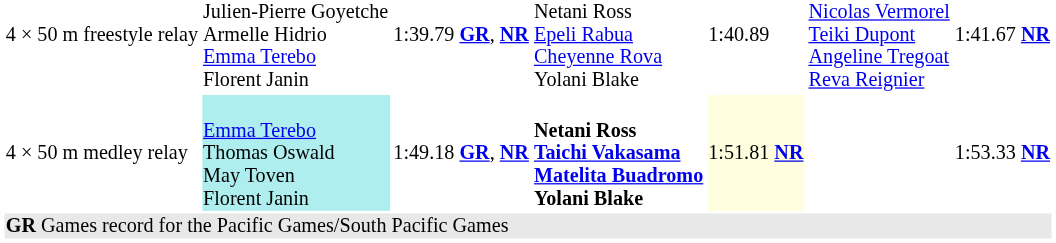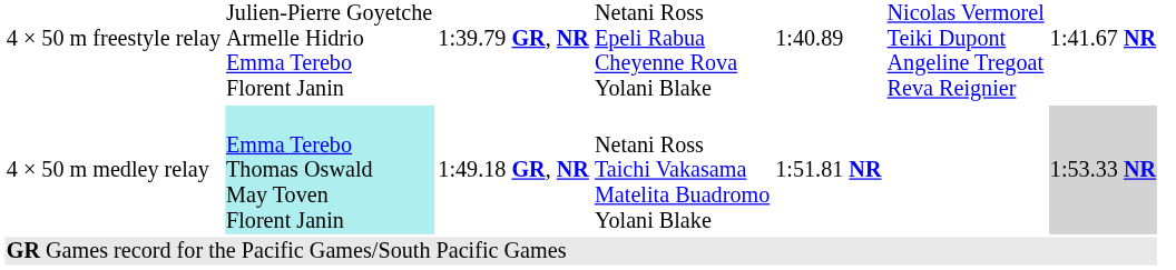 <table>
 <tr>
 <td>4 × 50 m freestyle relay</td>
 <td><br>Julien-Pierre Goyetche<br>Armelle Hidrio<br><a href='#'>Emma Terebo</a><br>Florent Janin</td>
 <td>1:39.79 <strong><a href='#'>GR</a></strong>, <strong><a href='#'>NR</a></strong></td>
 <td><br>Netani Ross<br><a href='#'>Epeli Rabua</a><br><a href='#'>Cheyenne Rova</a><br>Yolani Blake</td>
 <td>1:40.89</td>
 <td><br><a href='#'>Nicolas Vermorel</a><br><a href='#'>Teiki Dupont</a><br><a href='#'>Angeline Tregoat</a><br><a href='#'>Reva Reignier</a></td>
 <td>1:41.67 <strong><a href='#'>NR</a></strong></td>
 </tr>
 <tr>
 <td>4 × 50 m medley relay</td>
 <td style="background: paleturquoise;"><br><a href='#'>Emma Terebo</a><br>Thomas Oswald<br>May Toven<br>Florent Janin</td>
 <td>1:49.18 <strong><a href='#'>GR</a></strong>, <strong><a href='#'>NR</a></strong></td>
-<td><strong><br>Netani Ross<br><a href='#'>Taichi Vakasama</a><br><a href='#'>Matelita Buadromo</a><br>Yolani Blake</strong></td>
-<td style="background: lightyellow;">1:51.81 <strong><a href='#'>NR</a></strong></td>
+<td><br>Netani Ross<br><a href='#'>Taichi Vakasama</a><br><a href='#'>Matelita Buadromo</a><br>Yolani Blake</td>
+<td>1:51.81 <strong><a href='#'>NR</a></strong></td>
 <td valign=top></td>
-<td>1:53.33 <strong><a href='#'>NR</a></strong></td>
+<td style="background: lightgrey;">1:53.33 <strong><a href='#'>NR</a></strong></td>
 </tr>
 <tr bgcolor=#e8e8e8>
 <td colspan=8><span><strong>GR</strong> Games record for the Pacific Games/South Pacific Games</span></td>
 </tr>
 </table>
